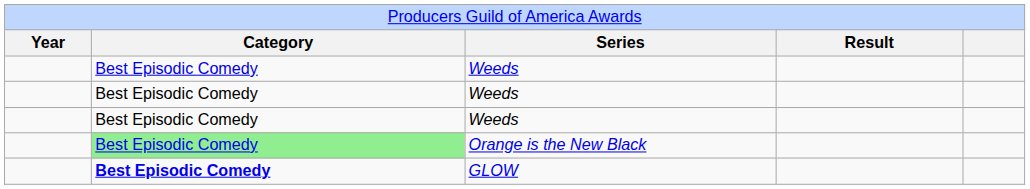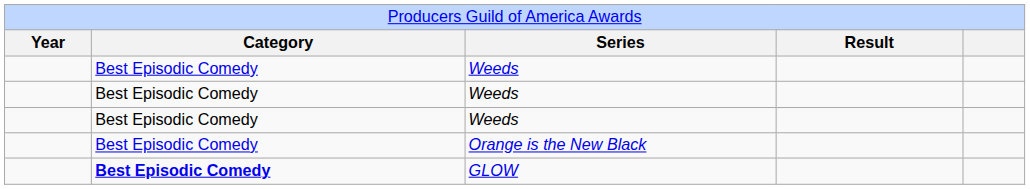 <table class="wikitable plainrowheaders" style="width:80%">
 <tr>
 </tr>
 <tr ---- bgcolor="#bfd7ff">
 <td colspan=6 align=center><a href='#'>Producers Guild of America Awards</a></td>
 </tr>
 <tr ---- bgcolor="#ebf5ff">
 <th scope="col" style="width:7%;">Year</th>
 <th scope="col" style="width:30%;">Category</th>
 <th scope="col" style="width:25%;">Series</th>
 <th scope="col" style="width:15%;">Result</th>
 <th scope="col" class="unsortable" style="width:5%;"></th>
 </tr>
 <tr>
 <td></td>
 <td><a href='#'>Best Episodic Comedy</a></td>
 <td><em><a href='#'>Weeds</a></em></td>
 <td></td>
 <td></td>
 </tr>
 <tr>
 <td></td>
 <td>Best Episodic Comedy</td>
 <td><em>Weeds</em></td>
 <td></td>
 <td></td>
 </tr>
 <tr>
 <td></td>
 <td>Best Episodic Comedy</td>
 <td><em>Weeds</em></td>
 <td></td>
 <td></td>
 </tr>
 <tr>
 <td></td>
-<td style="background: lightgreen;"><a href='#'>Best Episodic Comedy</a></td>
+<td><a href='#'>Best Episodic Comedy</a></td>
 <td><em><a href='#'>Orange is the New Black</a></em></td>
 <td></td>
 <td></td>
 </tr>
 <tr>
 <td></td>
 <td><strong><a href='#'>Best Episodic Comedy</a></strong></td>
 <td><em><a href='#'>GLOW</a></em></td>
 <td></td>
 <td></td>
 </tr>
 </table>
